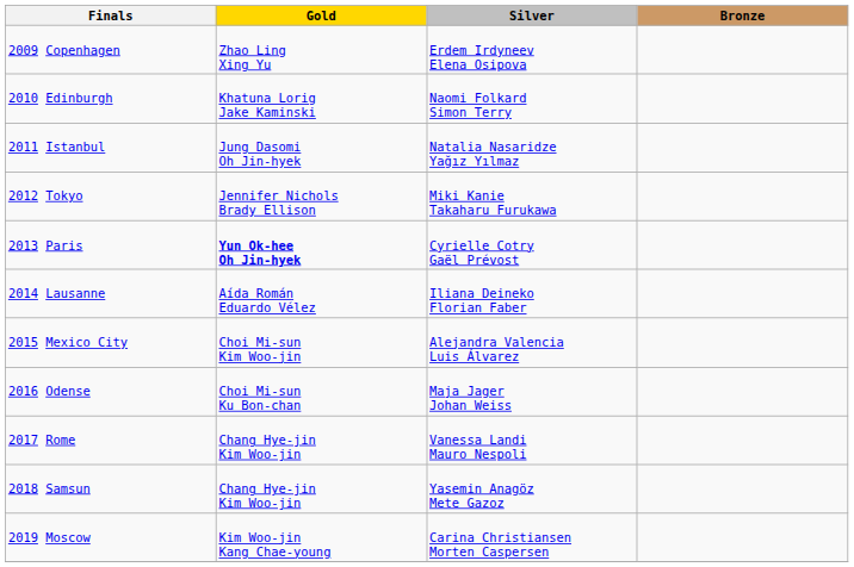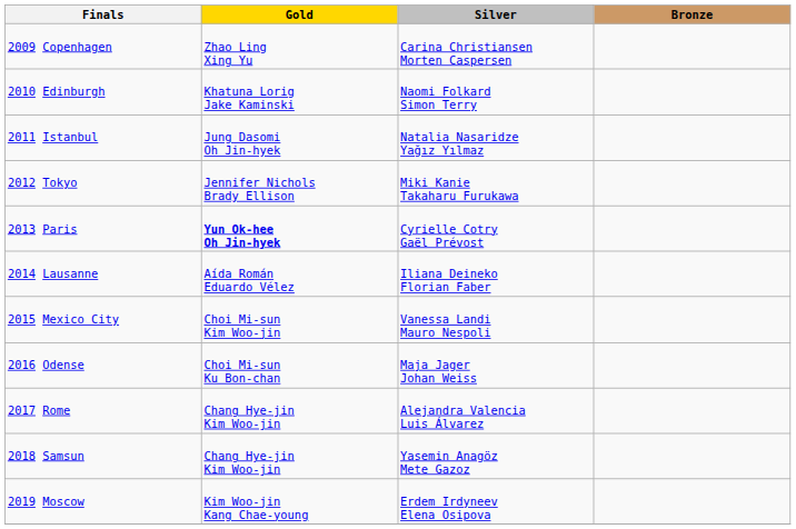 <table class="wikitable" style="width:100%">
 <tr>
 <th style="width:25%;">Finals</th>
 <th style="width:25%; background:gold">Gold</th>
 <th style="width:25%; background:silver">Silver</th>
 <th style="width:25%; background:#cc9966">Bronze</th>
 </tr>
 <tr>
 <td> <a href='#'>2009</a> <a href='#'>Copenhagen</a></td>
 <td> <br> <a href='#'>Zhao Ling</a> <br> <a href='#'>Xing Yu</a></td>
-<td> <br> <a href='#'>Erdem Irdyneev</a> <br> <a href='#'>Elena Osipova</a></td>
+<td> <br> <a href='#'>Carina Christiansen</a> <br> <a href='#'>Morten Caspersen</a></td>
 <td></td>
 </tr>
 <tr>
 <td> <a href='#'>2010</a> <a href='#'>Edinburgh</a></td>
 <td> <br> <a href='#'>Khatuna Lorig</a> <br> <a href='#'>Jake Kaminski</a></td>
 <td> <br> <a href='#'>Naomi Folkard</a> <br> <a href='#'>Simon Terry</a></td>
 <td></td>
 </tr>
 <tr>
 <td> <a href='#'>2011</a> <a href='#'>Istanbul</a></td>
 <td> <br> <a href='#'>Jung Dasomi</a> <br> <a href='#'>Oh Jin-hyek</a></td>
 <td> <br> <a href='#'>Natalia Nasaridze</a> <br> <a href='#'>Yağız Yılmaz</a></td>
 <td></td>
 </tr>
 <tr>
 <td> <a href='#'>2012</a> <a href='#'>Tokyo</a></td>
 <td> <br> <a href='#'>Jennifer Nichols</a> <br> <a href='#'>Brady Ellison</a></td>
 <td> <br> <a href='#'>Miki Kanie</a> <br> <a href='#'>Takaharu Furukawa</a></td>
 <td></td>
 </tr>
 <tr>
 <td> <a href='#'>2013</a> <a href='#'>Paris</a></td>
 <td><strong> <br> <a href='#'>Yun Ok-hee</a> <br> <a href='#'>Oh Jin-hyek</a></strong></td>
 <td> <br> <a href='#'>Cyrielle Cotry</a> <br> <a href='#'>Gaël Prévost</a></td>
 <td></td>
 </tr>
 <tr>
 <td> <a href='#'>2014</a> <a href='#'>Lausanne</a></td>
 <td> <br> <a href='#'>Aída Román</a> <br> <a href='#'>Eduardo Vélez</a></td>
 <td> <br> <a href='#'>Iliana Deineko</a> <br> <a href='#'>Florian Faber</a></td>
 <td></td>
 </tr>
 <tr>
 <td> <a href='#'>2015</a> <a href='#'>Mexico City</a></td>
 <td> <br> <a href='#'>Choi Mi-sun</a> <br> <a href='#'>Kim Woo-jin</a></td>
-<td> <br> <a href='#'>Alejandra Valencia</a> <br> <a href='#'>Luis Álvarez</a></td>
+<td> <br> <a href='#'>Vanessa Landi</a> <br> <a href='#'>Mauro Nespoli</a></td>
 <td></td>
 </tr>
 <tr>
 <td> <a href='#'>2016</a> <a href='#'>Odense</a></td>
 <td> <br> <a href='#'>Choi Mi-sun</a> <br> <a href='#'>Ku Bon-chan</a></td>
 <td> <br> <a href='#'>Maja Jager</a> <br> <a href='#'>Johan Weiss</a></td>
 <td></td>
 </tr>
 <tr>
 <td> <a href='#'>2017</a> <a href='#'>Rome</a></td>
 <td> <br> <a href='#'>Chang Hye-jin</a> <br> <a href='#'>Kim Woo-jin</a></td>
-<td> <br> <a href='#'>Vanessa Landi</a> <br> <a href='#'>Mauro Nespoli</a></td>
+<td> <br> <a href='#'>Alejandra Valencia</a> <br> <a href='#'>Luis Álvarez</a></td>
 <td></td>
 </tr>
 <tr>
 <td> <a href='#'>2018</a> <a href='#'>Samsun</a></td>
 <td> <br> <a href='#'>Chang Hye-jin</a> <br> <a href='#'>Kim Woo-jin</a></td>
 <td> <br> <a href='#'>Yasemin Anagöz</a><br> <a href='#'>Mete Gazoz</a></td>
 <td></td>
 </tr>
 <tr>
 <td> <a href='#'>2019</a> <a href='#'>Moscow</a></td>
 <td> <br> <a href='#'>Kim Woo-jin</a> <br> <a href='#'>Kang Chae-young</a></td>
-<td> <br> <a href='#'>Carina Christiansen</a> <br> <a href='#'>Morten Caspersen</a></td>
+<td> <br> <a href='#'>Erdem Irdyneev</a> <br> <a href='#'>Elena Osipova</a></td>
 <td></td>
 </tr>
 <tr>
 </tr>
 </table>
